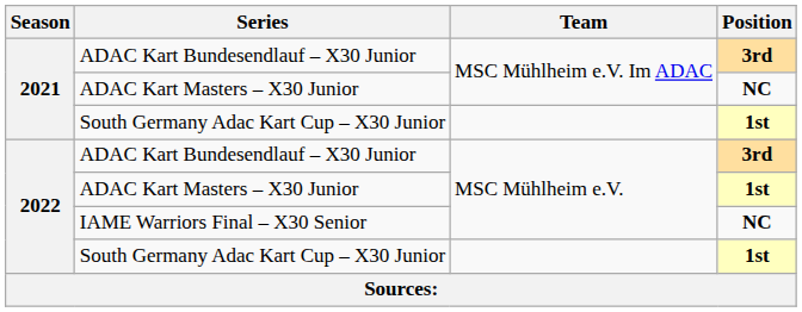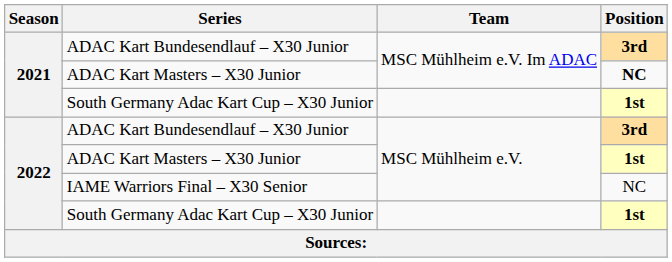 <table class="wikitable" style="font-size: 85%; text-align:center">
 <tr>
 <th>Season</th>
 <th>Series</th>
 <th>Team</th>
 <th>Position</th>
 </tr>
 <tr>
 <th rowspan="3">2021</th>
 <td align="left">ADAC Kart Bundesendlauf – X30 Junior</td>
 <td align="left" rowspan="2">MSC Mühlheim e.V. Im <a href='#'>ADAC</a></td>
 <td style="background:#ffdf9f;"><strong>3rd</strong></td>
 </tr>
 <tr>
 <td align="left">ADAC Kart Masters – X30 Junior</td>
 <td style="background:#;"><strong>NC</strong></td>
 </tr>
 <tr>
 <td align="left">South Germany Adac Kart Cup – X30 Junior</td>
 <td align="left"></td>
 <td style="background:#FFFFBF;"><strong>1st</strong></td>
 </tr>
 <tr>
 <th rowspan="4">2022</th>
 <td align="left">ADAC Kart Bundesendlauf – X30 Junior</td>
 <td align="left" rowspan="3">MSC Mühlheim e.V.</td>
 <td style="background:#ffdf9f;"><strong>3rd</strong></td>
 </tr>
 <tr>
 <td align="left">ADAC Kart Masters – X30 Junior</td>
 <td style="background:#FFFFBF;"><strong>1st</strong></td>
 </tr>
 <tr>
 <td align="left">IAME Warriors Final – X30 Senior</td>
-<td style="background:#;"><strong>NC</strong></td>
+<td style="background:#;">NC</td>
 </tr>
 <tr>
 <td align="left">South Germany Adac Kart Cup – X30 Junior</td>
 <td align="left"></td>
 <td style="background:#FFFFBF;"><strong>1st</strong></td>
 </tr>
 <tr>
 <th colspan="4">Sources:</th>
 </tr>
 </table>
